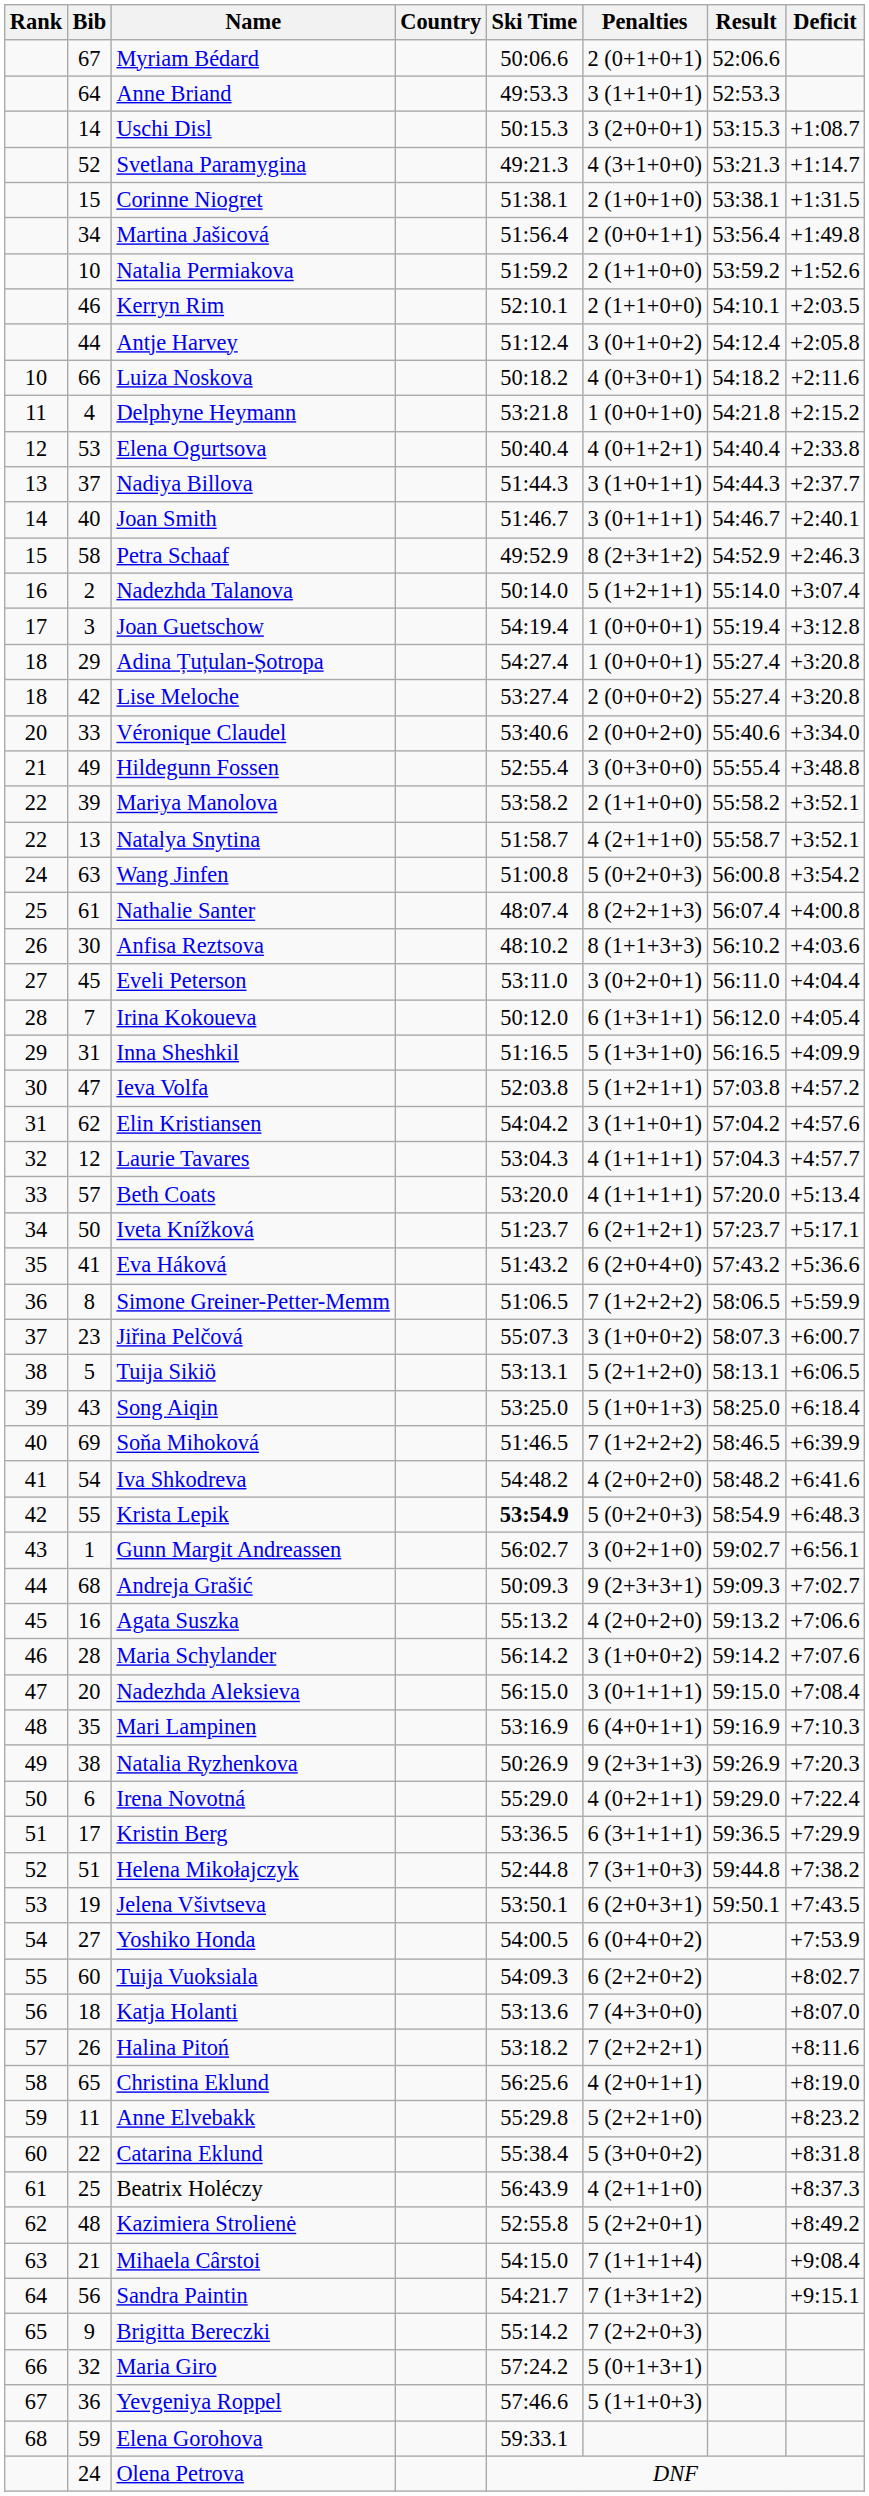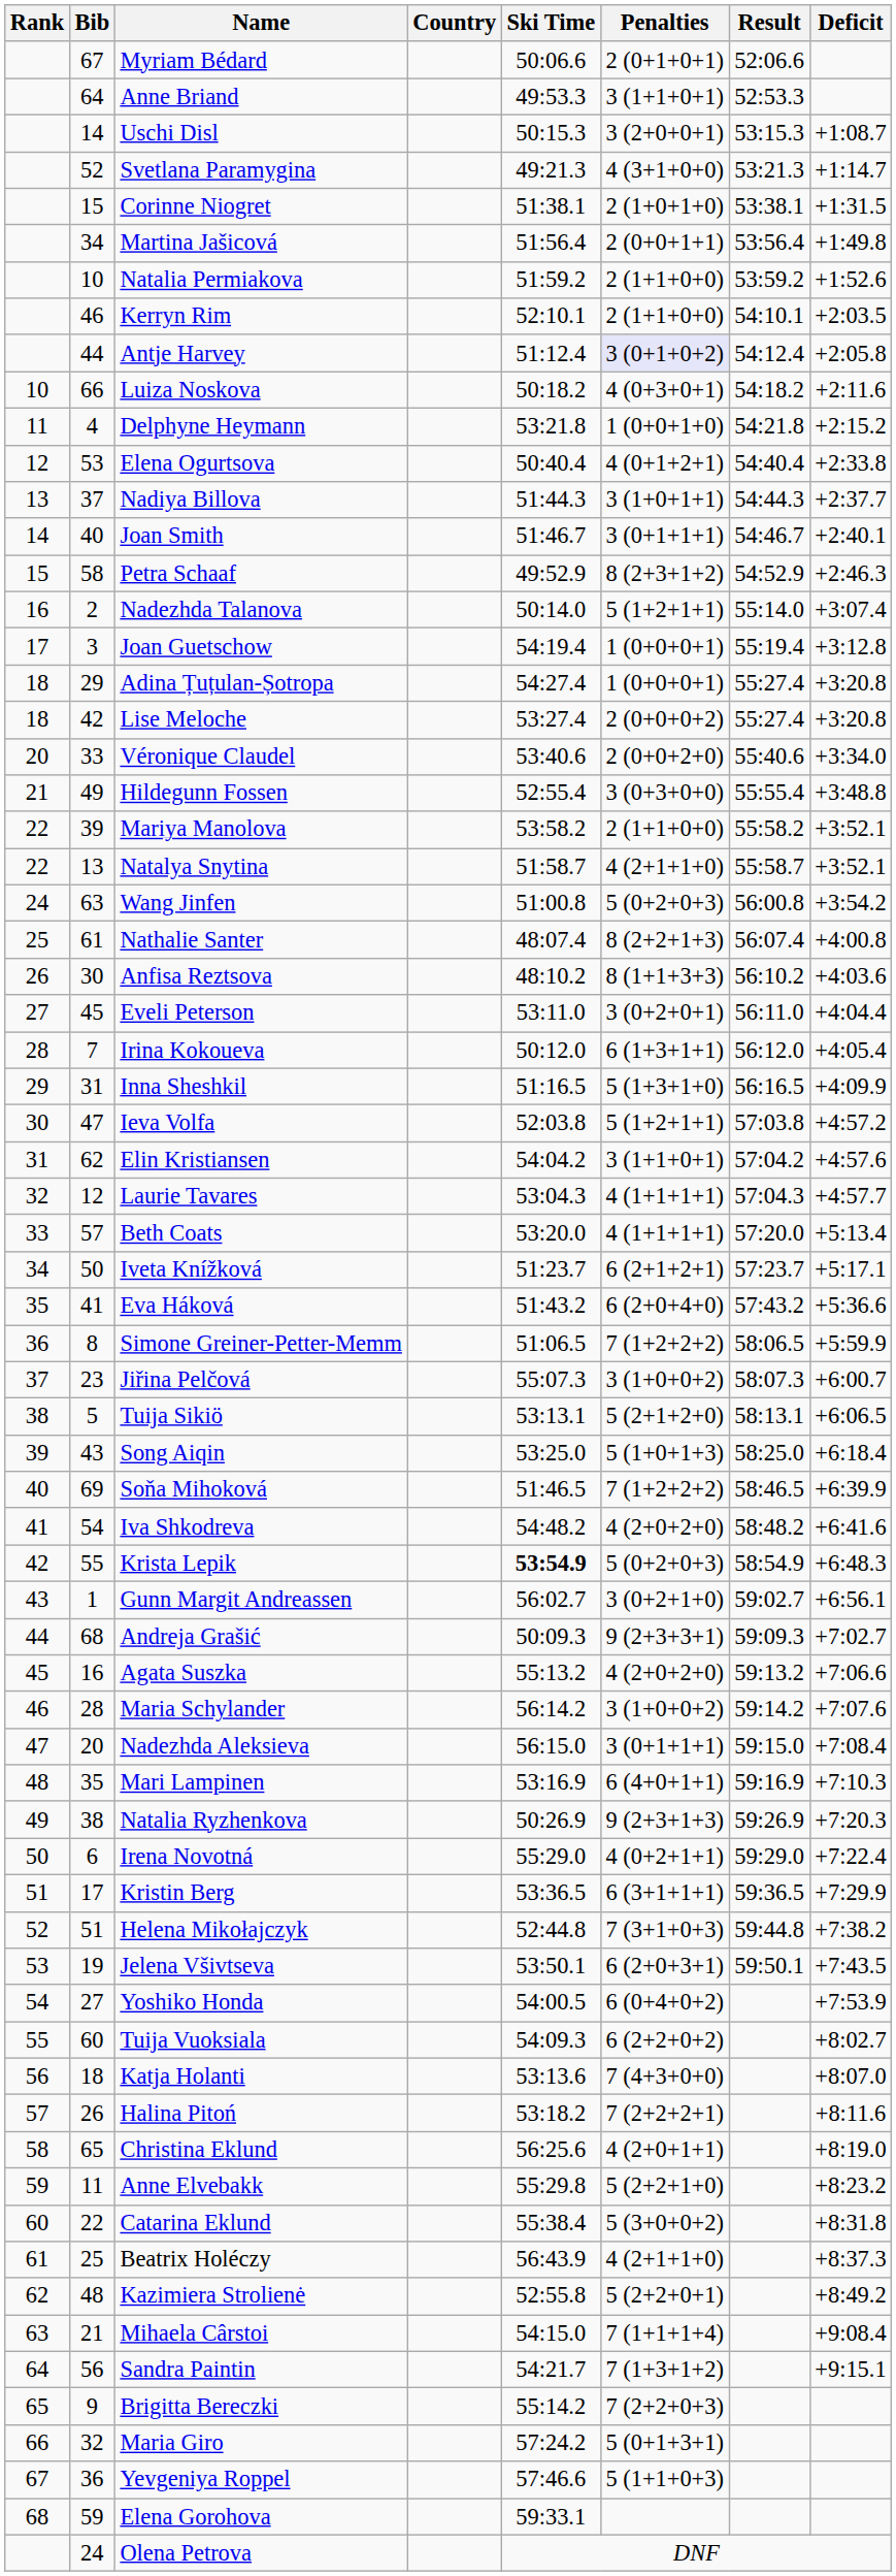 <table class="wikitable sortable" style="text-align:center">
 <tr bgcolor="#efefef">
 <th>Rank</th>
 <th>Bib</th>
 <th>Name</th>
 <th>Country</th>
 <th>Ski Time</th>
 <th>Penalties</th>
 <th>Result</th>
 <th>Deficit</th>
 </tr>
 <tr>
 <td></td>
 <td>67</td>
 <td align=left><a href='#'>Myriam Bédard</a></td>
 <td align=left></td>
 <td>50:06.6</td>
 <td>2 (0+1+0+1)</td>
 <td>52:06.6</td>
 <td></td>
 </tr>
 <tr>
 <td></td>
 <td>64</td>
 <td align=left><a href='#'>Anne Briand</a></td>
 <td align=left></td>
 <td>49:53.3</td>
 <td>3 (1+1+0+1)</td>
 <td>52:53.3</td>
 <td></td>
 </tr>
 <tr>
 <td></td>
 <td>14</td>
 <td align=left><a href='#'>Uschi Disl</a></td>
 <td align=left></td>
 <td>50:15.3</td>
 <td>3 (2+0+0+1)</td>
 <td>53:15.3</td>
 <td>+1:08.7</td>
 </tr>
 <tr>
 <td></td>
 <td>52</td>
 <td align=left><a href='#'>Svetlana Paramygina</a></td>
 <td align=left></td>
 <td>49:21.3</td>
 <td>4 (3+1+0+0)</td>
 <td>53:21.3</td>
 <td>+1:14.7</td>
 </tr>
 <tr>
 <td></td>
 <td>15</td>
 <td align=left><a href='#'>Corinne Niogret</a></td>
 <td align=left></td>
 <td>51:38.1</td>
 <td>2 (1+0+1+0)</td>
 <td>53:38.1</td>
 <td>+1:31.5</td>
 </tr>
 <tr>
 <td></td>
 <td>34</td>
 <td align=left><a href='#'>Martina Jašicová</a></td>
 <td align=left></td>
 <td>51:56.4</td>
 <td>2 (0+0+1+1)</td>
 <td>53:56.4</td>
 <td>+1:49.8</td>
 </tr>
 <tr>
 <td></td>
 <td>10</td>
 <td align=left><a href='#'>Natalia Permiakova</a></td>
 <td align=left></td>
 <td>51:59.2</td>
 <td>2 (1+1+0+0)</td>
 <td>53:59.2</td>
 <td>+1:52.6</td>
 </tr>
 <tr>
 <td></td>
 <td>46</td>
 <td align=left><a href='#'>Kerryn Rim</a></td>
 <td align=left></td>
 <td>52:10.1</td>
 <td>2 (1+1+0+0)</td>
 <td>54:10.1</td>
 <td>+2:03.5</td>
 </tr>
 <tr>
 <td></td>
 <td>44</td>
 <td align=left><a href='#'>Antje Harvey</a></td>
 <td align=left></td>
 <td>51:12.4</td>
-<td>3 (0+1+0+2)</td>
+<td style="background: lavender;">3 (0+1+0+2)</td>
 <td>54:12.4</td>
 <td>+2:05.8</td>
 </tr>
 <tr>
 <td>10</td>
 <td>66</td>
 <td align=left><a href='#'>Luiza Noskova</a></td>
 <td align=left></td>
 <td>50:18.2</td>
 <td>4 (0+3+0+1)</td>
 <td>54:18.2</td>
 <td>+2:11.6</td>
 </tr>
 <tr>
 <td>11</td>
 <td>4</td>
 <td align=left><a href='#'>Delphyne Heymann</a></td>
 <td align=left></td>
 <td>53:21.8</td>
 <td>1 (0+0+1+0)</td>
 <td>54:21.8</td>
 <td>+2:15.2</td>
 </tr>
 <tr>
 <td>12</td>
 <td>53</td>
 <td align=left><a href='#'>Elena Ogurtsova</a></td>
 <td align=left></td>
 <td>50:40.4</td>
 <td>4 (0+1+2+1)</td>
 <td>54:40.4</td>
 <td>+2:33.8</td>
 </tr>
 <tr>
 <td>13</td>
 <td>37</td>
 <td align=left><a href='#'>Nadiya Billova</a></td>
 <td align=left></td>
 <td>51:44.3</td>
 <td>3 (1+0+1+1)</td>
 <td>54:44.3</td>
 <td>+2:37.7</td>
 </tr>
 <tr>
 <td>14</td>
 <td>40</td>
 <td align=left><a href='#'>Joan Smith</a></td>
 <td align=left></td>
 <td>51:46.7</td>
 <td>3 (0+1+1+1)</td>
 <td>54:46.7</td>
 <td>+2:40.1</td>
 </tr>
 <tr>
 <td>15</td>
 <td>58</td>
 <td align=left><a href='#'>Petra Schaaf</a></td>
 <td align=left></td>
 <td>49:52.9</td>
 <td>8 (2+3+1+2)</td>
 <td>54:52.9</td>
 <td>+2:46.3</td>
 </tr>
 <tr>
 <td>16</td>
 <td>2</td>
 <td align=left><a href='#'>Nadezhda Talanova</a></td>
 <td align=left></td>
 <td>50:14.0</td>
 <td>5 (1+2+1+1)</td>
 <td>55:14.0</td>
 <td>+3:07.4</td>
 </tr>
 <tr>
 <td>17</td>
 <td>3</td>
 <td align=left><a href='#'>Joan Guetschow</a></td>
 <td align=left></td>
 <td>54:19.4</td>
 <td>1 (0+0+0+1)</td>
 <td>55:19.4</td>
 <td>+3:12.8</td>
 </tr>
 <tr>
 <td>18</td>
 <td>29</td>
 <td align=left><a href='#'>Adina Țuțulan-Șotropa</a></td>
 <td align=left></td>
 <td>54:27.4</td>
 <td>1 (0+0+0+1)</td>
 <td>55:27.4</td>
 <td>+3:20.8</td>
 </tr>
 <tr>
 <td>18</td>
 <td>42</td>
 <td align=left><a href='#'>Lise Meloche</a></td>
 <td align=left></td>
 <td>53:27.4</td>
 <td>2 (0+0+0+2)</td>
 <td>55:27.4</td>
 <td>+3:20.8</td>
 </tr>
 <tr>
 <td>20</td>
 <td>33</td>
 <td align=left><a href='#'>Véronique Claudel</a></td>
 <td align=left></td>
 <td>53:40.6</td>
 <td>2 (0+0+2+0)</td>
 <td>55:40.6</td>
 <td>+3:34.0</td>
 </tr>
 <tr>
 <td>21</td>
 <td>49</td>
 <td align=left><a href='#'>Hildegunn Fossen</a></td>
 <td align=left></td>
 <td>52:55.4</td>
 <td>3 (0+3+0+0)</td>
 <td>55:55.4</td>
 <td>+3:48.8</td>
 </tr>
 <tr>
 <td>22</td>
 <td>39</td>
 <td align=left><a href='#'>Mariya Manolova</a></td>
 <td align=left></td>
 <td>53:58.2</td>
 <td>2 (1+1+0+0)</td>
 <td>55:58.2</td>
 <td>+3:52.1</td>
 </tr>
 <tr>
 <td>22</td>
 <td>13</td>
 <td align=left><a href='#'>Natalya Snytina</a></td>
 <td align=left></td>
 <td>51:58.7</td>
 <td>4 (2+1+1+0)</td>
 <td>55:58.7</td>
 <td>+3:52.1</td>
 </tr>
 <tr>
 <td>24</td>
 <td>63</td>
 <td align=left><a href='#'>Wang Jinfen</a></td>
 <td align=left></td>
 <td>51:00.8</td>
 <td>5 (0+2+0+3)</td>
 <td>56:00.8</td>
 <td>+3:54.2</td>
 </tr>
 <tr>
 <td>25</td>
 <td>61</td>
 <td align=left><a href='#'>Nathalie Santer</a></td>
 <td align=left></td>
 <td>48:07.4</td>
 <td>8 (2+2+1+3)</td>
 <td>56:07.4</td>
 <td>+4:00.8</td>
 </tr>
 <tr>
 <td>26</td>
 <td>30</td>
 <td align=left><a href='#'>Anfisa Reztsova</a></td>
 <td align=left></td>
 <td>48:10.2</td>
 <td>8 (1+1+3+3)</td>
 <td>56:10.2</td>
 <td>+4:03.6</td>
 </tr>
 <tr>
 <td>27</td>
 <td>45</td>
 <td align=left><a href='#'>Eveli Peterson</a></td>
 <td align=left></td>
 <td>53:11.0</td>
 <td>3 (0+2+0+1)</td>
 <td>56:11.0</td>
 <td>+4:04.4</td>
 </tr>
 <tr>
 <td>28</td>
 <td>7</td>
 <td align=left><a href='#'>Irina Kokoueva</a></td>
 <td align=left></td>
 <td>50:12.0</td>
 <td>6 (1+3+1+1)</td>
 <td>56:12.0</td>
 <td>+4:05.4</td>
 </tr>
 <tr>
 <td>29</td>
 <td>31</td>
 <td align=left><a href='#'>Inna Sheshkil</a></td>
 <td align=left></td>
 <td>51:16.5</td>
 <td>5 (1+3+1+0)</td>
 <td>56:16.5</td>
 <td>+4:09.9</td>
 </tr>
 <tr>
 <td>30</td>
 <td>47</td>
 <td align=left><a href='#'>Ieva Volfa</a></td>
 <td align=left></td>
 <td>52:03.8</td>
 <td>5 (1+2+1+1)</td>
 <td>57:03.8</td>
 <td>+4:57.2</td>
 </tr>
 <tr>
 <td>31</td>
 <td>62</td>
 <td align=left><a href='#'>Elin Kristiansen</a></td>
 <td align=left></td>
 <td>54:04.2</td>
 <td>3 (1+1+0+1)</td>
 <td>57:04.2</td>
 <td>+4:57.6</td>
 </tr>
 <tr>
 <td>32</td>
 <td>12</td>
 <td align=left><a href='#'>Laurie Tavares</a></td>
 <td align=left></td>
 <td>53:04.3</td>
 <td>4 (1+1+1+1)</td>
 <td>57:04.3</td>
 <td>+4:57.7</td>
 </tr>
 <tr>
 <td>33</td>
 <td>57</td>
 <td align=left><a href='#'>Beth Coats</a></td>
 <td align=left></td>
 <td>53:20.0</td>
 <td>4 (1+1+1+1)</td>
 <td>57:20.0</td>
 <td>+5:13.4</td>
 </tr>
 <tr>
 <td>34</td>
 <td>50</td>
 <td align=left><a href='#'>Iveta Knížková</a></td>
 <td align=left></td>
 <td>51:23.7</td>
 <td>6 (2+1+2+1)</td>
 <td>57:23.7</td>
 <td>+5:17.1</td>
 </tr>
 <tr>
 <td>35</td>
 <td>41</td>
 <td align=left><a href='#'>Eva Háková</a></td>
 <td align=left></td>
 <td>51:43.2</td>
 <td>6 (2+0+4+0)</td>
 <td>57:43.2</td>
 <td>+5:36.6</td>
 </tr>
 <tr>
 <td>36</td>
 <td>8</td>
 <td align=left><a href='#'>Simone Greiner-Petter-Memm</a></td>
 <td align=left></td>
 <td>51:06.5</td>
 <td>7 (1+2+2+2)</td>
 <td>58:06.5</td>
 <td>+5:59.9</td>
 </tr>
 <tr>
 <td>37</td>
 <td>23</td>
 <td align=left><a href='#'>Jiřina Pelčová</a></td>
 <td align=left></td>
 <td>55:07.3</td>
 <td>3 (1+0+0+2)</td>
 <td>58:07.3</td>
 <td>+6:00.7</td>
 </tr>
 <tr>
 <td>38</td>
 <td>5</td>
 <td align=left><a href='#'>Tuija Sikiö</a></td>
 <td align=left></td>
 <td>53:13.1</td>
 <td>5 (2+1+2+0)</td>
 <td>58:13.1</td>
 <td>+6:06.5</td>
 </tr>
 <tr>
 <td>39</td>
 <td>43</td>
 <td align=left><a href='#'>Song Aiqin</a></td>
 <td align=left></td>
 <td>53:25.0</td>
 <td>5 (1+0+1+3)</td>
 <td>58:25.0</td>
 <td>+6:18.4</td>
 </tr>
 <tr>
 <td>40</td>
 <td>69</td>
 <td align=left><a href='#'>Soňa Mihoková</a></td>
 <td align=left></td>
 <td>51:46.5</td>
 <td>7 (1+2+2+2)</td>
 <td>58:46.5</td>
 <td>+6:39.9</td>
 </tr>
 <tr>
 <td>41</td>
 <td>54</td>
 <td align=left><a href='#'>Iva Shkodreva</a></td>
 <td align=left></td>
 <td>54:48.2</td>
 <td>4 (2+0+2+0)</td>
 <td>58:48.2</td>
 <td>+6:41.6</td>
 </tr>
 <tr>
 <td>42</td>
 <td>55</td>
 <td align=left><a href='#'>Krista Lepik</a></td>
 <td align=left></td>
 <td><strong>53:54.9</strong></td>
 <td>5 (0+2+0+3)</td>
 <td>58:54.9</td>
 <td>+6:48.3</td>
 </tr>
 <tr>
 <td>43</td>
 <td>1</td>
 <td align=left><a href='#'>Gunn Margit Andreassen</a></td>
 <td align=left></td>
 <td>56:02.7</td>
 <td>3 (0+2+1+0)</td>
 <td>59:02.7</td>
 <td>+6:56.1</td>
 </tr>
 <tr>
 <td>44</td>
 <td>68</td>
 <td align=left><a href='#'>Andreja Grašić</a></td>
 <td align=left></td>
 <td>50:09.3</td>
 <td>9 (2+3+3+1)</td>
 <td>59:09.3</td>
 <td>+7:02.7</td>
 </tr>
 <tr>
 <td>45</td>
 <td>16</td>
 <td align=left><a href='#'>Agata Suszka</a></td>
 <td align=left></td>
 <td>55:13.2</td>
 <td>4 (2+0+2+0)</td>
 <td>59:13.2</td>
 <td>+7:06.6</td>
 </tr>
 <tr>
 <td>46</td>
 <td>28</td>
 <td align=left><a href='#'>Maria Schylander</a></td>
 <td align=left></td>
 <td>56:14.2</td>
 <td>3 (1+0+0+2)</td>
 <td>59:14.2</td>
 <td>+7:07.6</td>
 </tr>
 <tr>
 <td>47</td>
 <td>20</td>
 <td align=left><a href='#'>Nadezhda Aleksieva</a></td>
 <td align=left></td>
 <td>56:15.0</td>
 <td>3 (0+1+1+1)</td>
 <td>59:15.0</td>
 <td>+7:08.4</td>
 </tr>
 <tr>
 <td>48</td>
 <td>35</td>
 <td align=left><a href='#'>Mari Lampinen</a></td>
 <td align=left></td>
 <td>53:16.9</td>
 <td>6 (4+0+1+1)</td>
 <td>59:16.9</td>
 <td>+7:10.3</td>
 </tr>
 <tr>
 <td>49</td>
 <td>38</td>
 <td align=left><a href='#'>Natalia Ryzhenkova</a></td>
 <td align=left></td>
 <td>50:26.9</td>
 <td>9 (2+3+1+3)</td>
 <td>59:26.9</td>
 <td>+7:20.3</td>
 </tr>
 <tr>
 <td>50</td>
 <td>6</td>
 <td align=left><a href='#'>Irena Novotná</a></td>
 <td align=left></td>
 <td>55:29.0</td>
 <td>4 (0+2+1+1)</td>
 <td>59:29.0</td>
 <td>+7:22.4</td>
 </tr>
 <tr>
 <td>51</td>
 <td>17</td>
 <td align=left><a href='#'>Kristin Berg</a></td>
 <td align=left></td>
 <td>53:36.5</td>
 <td>6 (3+1+1+1)</td>
 <td>59:36.5</td>
 <td>+7:29.9</td>
 </tr>
 <tr>
 <td>52</td>
 <td>51</td>
 <td align=left><a href='#'>Helena Mikołajczyk</a></td>
 <td align=left></td>
 <td>52:44.8</td>
 <td>7 (3+1+0+3)</td>
 <td>59:44.8</td>
 <td>+7:38.2</td>
 </tr>
 <tr>
 <td>53</td>
 <td>19</td>
 <td align=left><a href='#'>Jelena Všivtseva</a></td>
 <td align=left></td>
 <td>53:50.1</td>
 <td>6 (2+0+3+1)</td>
 <td>59:50.1</td>
 <td>+7:43.5</td>
 </tr>
 <tr>
 <td>54</td>
 <td>27</td>
 <td align=left><a href='#'>Yoshiko Honda</a></td>
 <td align=left></td>
 <td>54:00.5</td>
 <td>6 (0+4+0+2)</td>
 <td></td>
 <td>+7:53.9</td>
 </tr>
 <tr>
 <td>55</td>
 <td>60</td>
 <td align=left><a href='#'>Tuija Vuoksiala</a></td>
 <td align=left></td>
 <td>54:09.3</td>
 <td>6 (2+2+0+2)</td>
 <td></td>
 <td>+8:02.7</td>
 </tr>
 <tr>
 <td>56</td>
 <td>18</td>
 <td align=left><a href='#'>Katja Holanti</a></td>
 <td align=left></td>
 <td>53:13.6</td>
 <td>7 (4+3+0+0)</td>
 <td></td>
 <td>+8:07.0</td>
 </tr>
 <tr>
 <td>57</td>
 <td>26</td>
 <td align=left><a href='#'>Halina Pitoń</a></td>
 <td align=left></td>
 <td>53:18.2</td>
 <td>7 (2+2+2+1)</td>
 <td></td>
 <td>+8:11.6</td>
 </tr>
 <tr>
 <td>58</td>
 <td>65</td>
 <td align=left><a href='#'>Christina Eklund</a></td>
 <td align=left></td>
 <td>56:25.6</td>
 <td>4 (2+0+1+1)</td>
 <td></td>
 <td>+8:19.0</td>
 </tr>
 <tr>
 <td>59</td>
 <td>11</td>
 <td align=left><a href='#'>Anne Elvebakk</a></td>
 <td align=left></td>
 <td>55:29.8</td>
 <td>5 (2+2+1+0)</td>
 <td></td>
 <td>+8:23.2</td>
 </tr>
 <tr>
 <td>60</td>
 <td>22</td>
 <td align=left><a href='#'>Catarina Eklund</a></td>
 <td align=left></td>
 <td>55:38.4</td>
 <td>5 (3+0+0+2)</td>
 <td></td>
 <td>+8:31.8</td>
 </tr>
 <tr>
 <td>61</td>
 <td>25</td>
 <td align=left>Beatrix Holéczy</td>
 <td align=left></td>
 <td>56:43.9</td>
 <td>4 (2+1+1+0)</td>
 <td></td>
 <td>+8:37.3</td>
 </tr>
 <tr>
 <td>62</td>
 <td>48</td>
 <td align=left><a href='#'>Kazimiera Strolienė</a></td>
 <td align=left></td>
 <td>52:55.8</td>
 <td>5 (2+2+0+1)</td>
 <td></td>
 <td>+8:49.2</td>
 </tr>
 <tr>
 <td>63</td>
 <td>21</td>
 <td align=left><a href='#'>Mihaela Cârstoi</a></td>
 <td align=left></td>
 <td>54:15.0</td>
 <td>7 (1+1+1+4)</td>
 <td></td>
 <td>+9:08.4</td>
 </tr>
 <tr>
 <td>64</td>
 <td>56</td>
 <td align=left><a href='#'>Sandra Paintin</a></td>
 <td align=left></td>
 <td>54:21.7</td>
 <td>7 (1+3+1+2)</td>
 <td></td>
 <td>+9:15.1</td>
 </tr>
 <tr>
 <td>65</td>
 <td>9</td>
 <td align=left><a href='#'>Brigitta Bereczki</a></td>
 <td align=left></td>
 <td>55:14.2</td>
 <td>7 (2+2+0+3)</td>
 <td></td>
 <td></td>
 </tr>
 <tr>
 <td>66</td>
 <td>32</td>
 <td align=left><a href='#'>Maria Giro</a></td>
 <td align=left></td>
 <td>57:24.2</td>
 <td>5 (0+1+3+1)</td>
 <td></td>
 <td></td>
 </tr>
 <tr>
 <td>67</td>
 <td>36</td>
 <td align=left><a href='#'>Yevgeniya Roppel</a></td>
 <td align=left></td>
 <td>57:46.6</td>
 <td>5 (1+1+0+3)</td>
 <td></td>
 <td></td>
 </tr>
 <tr>
 <td>68</td>
 <td>59</td>
 <td align=left><a href='#'>Elena Gorohova</a></td>
 <td align=left></td>
 <td>59:33.1</td>
 <td></td>
 <td></td>
 <td></td>
 </tr>
 <tr>
 <td></td>
 <td>24</td>
 <td align=left><a href='#'>Olena Petrova</a></td>
 <td align=left></td>
 <td colspan="4"><em>DNF</em></td>
 </tr>
 </table>
